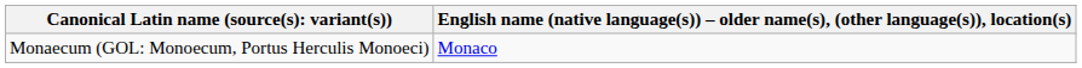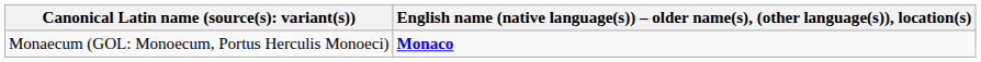 <table class="wikitable">
 <tr>
 <th>Canonical Latin name (source(s): variant(s))</th>
 <th>English name (native language(s)) – older name(s), (other language(s)), location(s)</th>
 </tr>
 <tr>
 <td>Monaecum (GOL: Monoecum, Portus Herculis Monoeci)</td>
-<td><a href='#'>Monaco</a></td>
+<td><strong><a href='#'>Monaco</a></strong></td>
 </tr>
 </table>
